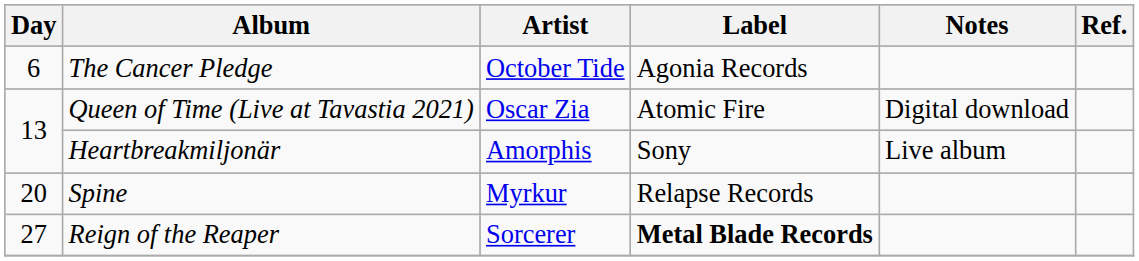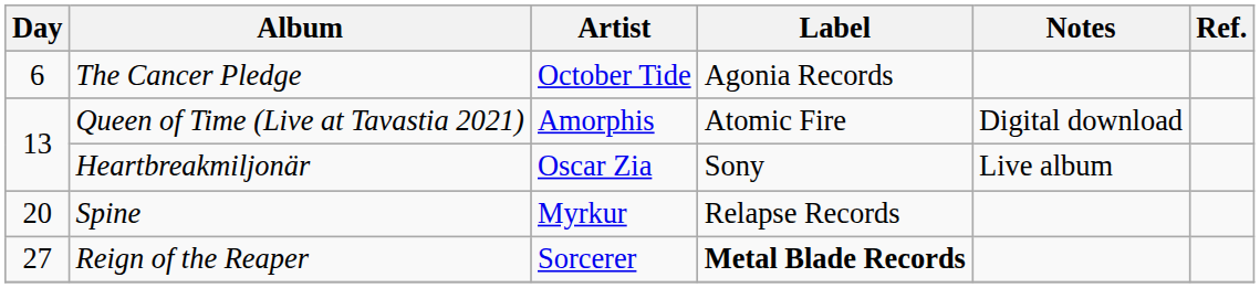 <table class="wikitable">
 <tr>
 <th>Day</th>
 <th>Album</th>
 <th>Artist</th>
 <th>Label</th>
 <th>Notes</th>
 <th>Ref.</th>
 </tr>
 <tr>
 <td rowspan="1" style="text-align:center;">6</td>
 <td><em>The Cancer Pledge</em></td>
 <td><a href='#'>October Tide</a></td>
 <td>Agonia Records</td>
 <td></td>
 <td></td>
 </tr>
 <tr>
 <td rowspan="2" style="text-align:center;">13</td>
 <td><em>Queen of Time (Live at Tavastia 2021)</em></td>
-<td><a href='#'>Oscar Zia</a></td>
+<td><a href='#'>Amorphis</a></td>
 <td>Atomic Fire</td>
 <td>Digital download</td>
 <td></td>
 </tr>
 <tr>
 <td><em>Heartbreakmiljonär</em></td>
-<td><a href='#'>Amorphis</a></td>
+<td><a href='#'>Oscar Zia</a></td>
 <td>Sony</td>
 <td>Live album</td>
 <td></td>
 </tr>
 <tr>
 <td rowspan="1" style="text-align:center;">20</td>
 <td><em>Spine</em></td>
 <td><a href='#'>Myrkur</a></td>
 <td>Relapse Records</td>
 <td></td>
 <td></td>
 </tr>
 <tr>
 <td rowspan="1" style="text-align:center;">27</td>
 <td><em>Reign of the Reaper</em></td>
 <td><a href='#'>Sorcerer</a></td>
 <td><strong>Metal Blade Records</strong></td>
 <td></td>
 <td></td>
 </tr>
 <tr>
 </tr>
 </table>
